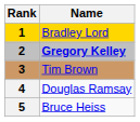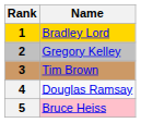 <table class="wikitable">
 <tr>
 <th>Rank</th>
 <th>Name</th>
 </tr>
 <tr bgcolor="gold">
 <td align="center"><strong>1</strong></td>
 <td><a href='#'>Bradley Lord</a></td>
 </tr>
 <tr bgcolor="silver">
 <td align="center"><strong>2</strong></td>
-<td><strong><a href='#'>Gregory Kelley</a></strong></td>
+<td><a href='#'>Gregory Kelley</a></td>
 </tr>
 <tr bgcolor="cc9966">
 <td align="center"><strong>3</strong></td>
 <td><a href='#'>Tim Brown</a></td>
 </tr>
 <tr>
 <th>4</th>
 <td><a href='#'>Douglas Ramsay</a></td>
 </tr>
 <tr>
 <th>5</th>
-<td><a href='#'>Bruce Heiss</a></td>
+<td style="background: pink;"><a href='#'>Bruce Heiss</a></td>
 </tr>
 </table>
